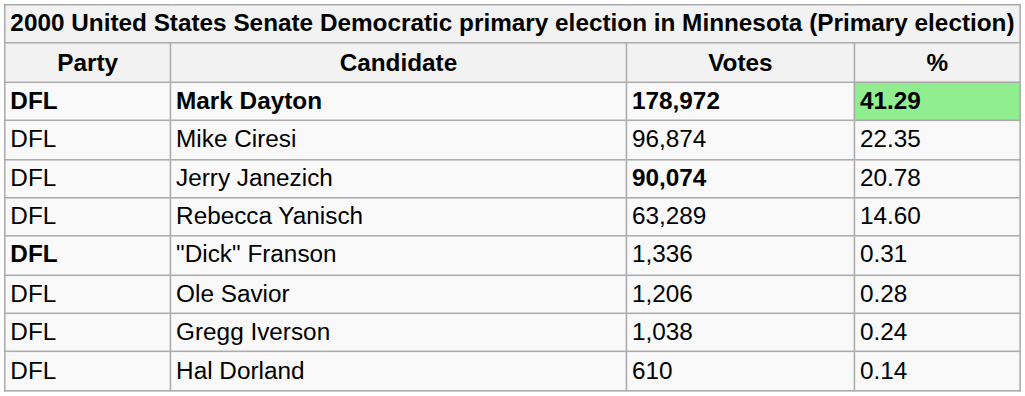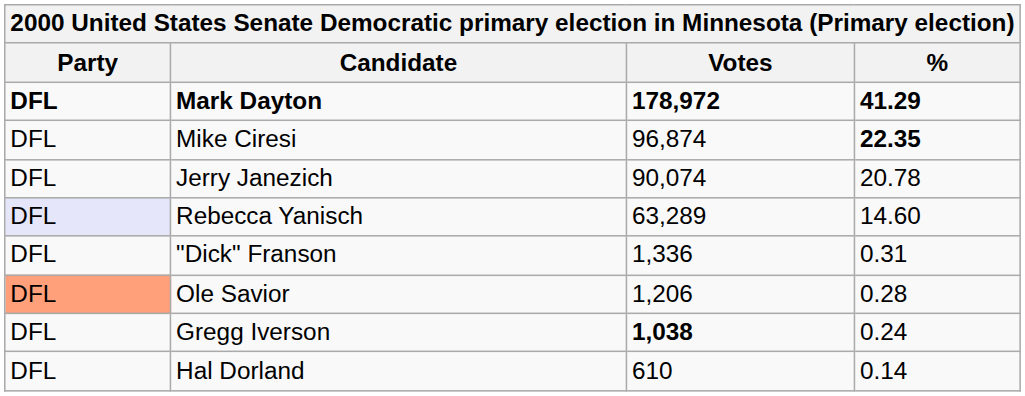 <table class="wikitable">
 <tr>
 <th colspan="4">2000 United States Senate Democratic primary election in Minnesota (Primary election)</th>
 </tr>
 <tr>
 <th>Party</th>
 <th>Candidate</th>
 <th>Votes</th>
 <th>%</th>
 </tr>
 <tr>
 <td><strong>DFL</strong></td>
 <td><strong>Mark Dayton</strong></td>
 <td><strong>178,972</strong></td>
-<td style="background: lightgreen;"><strong>41.29</strong></td>
+<td><strong>41.29</strong></td>
 </tr>
 <tr>
 <td>DFL</td>
 <td>Mike Ciresi</td>
 <td>96,874</td>
-<td>22.35</td>
+<td><strong>22.35</strong></td>
 </tr>
 <tr>
 <td>DFL</td>
 <td>Jerry Janezich</td>
-<td><strong>90,074</strong></td>
+<td>90,074</td>
 <td>20.78</td>
 </tr>
 <tr>
-<td>DFL</td>
+<td style="background: lavender;">DFL</td>
 <td>Rebecca Yanisch</td>
 <td>63,289</td>
 <td>14.60</td>
 </tr>
 <tr>
-<td><strong>DFL</strong></td>
+<td>DFL</td>
 <td>"Dick" Franson</td>
 <td>1,336</td>
 <td>0.31</td>
 </tr>
 <tr>
-<td>DFL</td>
+<td style="background: lightsalmon;">DFL</td>
 <td>Ole Savior</td>
 <td>1,206</td>
 <td>0.28</td>
 </tr>
 <tr>
 <td>DFL</td>
 <td>Gregg Iverson</td>
-<td>1,038</td>
+<td><strong>1,038</strong></td>
 <td>0.24</td>
 </tr>
 <tr>
 <td>DFL</td>
 <td>Hal Dorland</td>
 <td>610</td>
 <td>0.14</td>
 </tr>
 </table>
